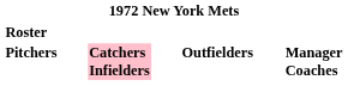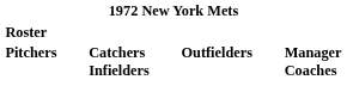 <table class="toccolours" style="font-size: 95%;">
 <tr>
 <th colspan="10">1972 New York Mets</th>
 </tr>
 <tr>
 <td colspan="10"><strong>Roster</strong></td>
 </tr>
 <tr>
 <td valign="top"><strong>Pitchers</strong><br>             </td>
 <td width="25px"></td>
-<td valign="top" style="background: pink;"><strong>Catchers</strong><br>   <strong>Infielders</strong>         </td>
+<td valign="top"><strong>Catchers</strong><br>   <strong>Infielders</strong>         </td>
 <td width="25px"></td>
 <td valign="top"><strong>Outfielders</strong><br>       </td>
 <td width="25px"></td>
 <td valign="top"><strong>Manager</strong><br> <strong>Coaches</strong>    </td>
 </tr>
 </table>
